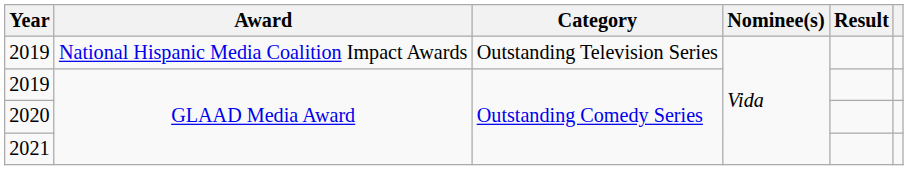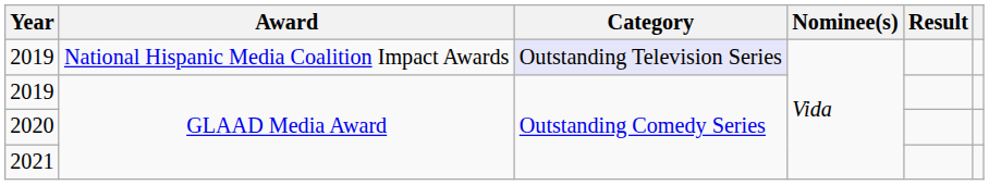 <table class="wikitable sortable">
 <tr>
 <th scope="col">Year</th>
 <th scope="col">Award</th>
 <th scope="col">Category</th>
 <th scope="col">Nominee(s)</th>
 <th scope="col">Result</th>
 <th scope="col" class="unsortable"></th>
 </tr>
 <tr>
 <td>2019</td>
 <td><a href='#'>National Hispanic Media Coalition</a> Impact Awards</td>
-<td>Outstanding Television Series</td>
+<td style="background: lavender;">Outstanding Television Series</td>
 <td rowspan="4"><em>Vida</em></td>
 <td></td>
 <td></td>
 </tr>
 <tr>
 <td align="center">2019</td>
 <td rowspan="3" align="center"><a href='#'>GLAAD Media Award</a></td>
 <td rowspan="3"><a href='#'>Outstanding Comedy Series</a></td>
 <td></td>
 <td align="center"></td>
 </tr>
 <tr>
 <td align="center">2020</td>
 <td></td>
 <td align="center"></td>
 </tr>
 <tr>
 <td align="center">2021</td>
 <td></td>
 <td align="center"></td>
 </tr>
 </table>
